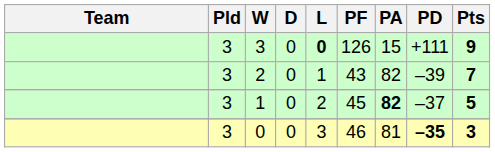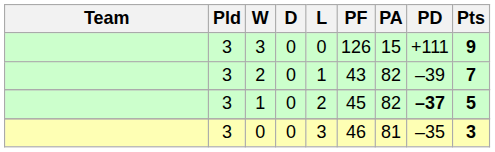 <table class="wikitable" style="text-align:center;">
 <tr>
 <th width=175>Team</th>
 <th width=20 abbr="Played">Pld</th>
 <th width=20 abbr="Won">W</th>
 <th width=20 abbr="Drawn">D</th>
 <th width=20 abbr="Lost">L</th>
 <th width=20 abbr="Points for">PF</th>
 <th width=20 abbr="Points against">PA</th>
 <th width=25 abbr="Points difference">PD</th>
 <th width=20 abbr="Points">Pts</th>
 </tr>
 <tr style="background:#ccffcc">
 <td align=left></td>
 <td>3</td>
 <td>3</td>
 <td>0</td>
-<td><strong>0</strong></td>
+<td>0</td>
 <td>126</td>
 <td>15</td>
 <td>+111</td>
 <td><strong>9</strong></td>
 </tr>
 <tr style="background:#ccffcc">
 <td align=left></td>
 <td>3</td>
 <td>2</td>
 <td>0</td>
 <td>1</td>
 <td>43</td>
 <td>82</td>
 <td>–39</td>
 <td><strong>7</strong></td>
 </tr>
 <tr>
 </tr>
 <tr style="background:#ccffcc">
 <td align=left></td>
 <td>3</td>
 <td>1</td>
 <td>0</td>
 <td>2</td>
 <td>45</td>
-<td><strong>82</strong></td>
-<td>–37</td>
+<td>82</td>
+<td><strong>–37</strong></td>
 <td><strong>5</strong></td>
 </tr>
 <tr>
 </tr>
 <tr style="background:#feffb4">
 <td align=left></td>
 <td>3</td>
 <td>0</td>
 <td>0</td>
 <td>3</td>
 <td>46</td>
 <td>81</td>
-<td><strong>–35</strong></td>
+<td>–35</td>
 <td><strong>3</strong></td>
 </tr>
 </table>
